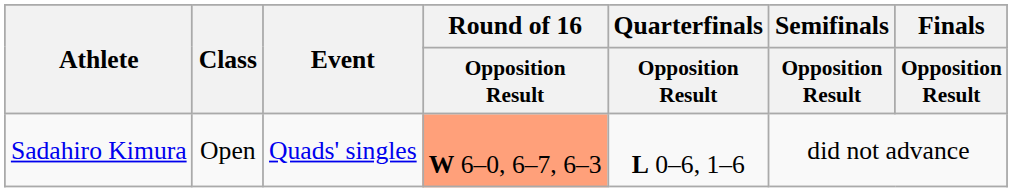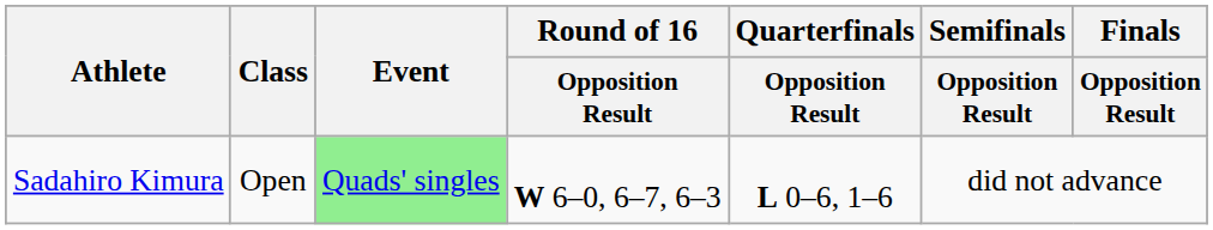 <table class=wikitable style="font-size:90%">
 <tr>
 <th rowspan="2">Athlete</th>
 <th rowspan="2">Class</th>
 <th rowspan="2">Event</th>
 <th>Round of 16</th>
 <th>Quarterfinals</th>
 <th>Semifinals</th>
 <th>Finals</th>
 </tr>
 <tr>
 <th style="line-height:1em"><small>Opposition<br>Result</small></th>
 <th style="line-height:1em"><small>Opposition<br>Result</small></th>
 <th style="line-height:1em"><small>Opposition<br>Result</small></th>
 <th style="line-height:1em"><small>Opposition<br>Result</small></th>
 </tr>
 <tr>
 <td><a href='#'>Sadahiro Kimura</a></td>
 <td style="text-align:center;">Open</td>
-<td><a href='#'>Quads' singles</a></td>
-<td style="background: lightsalmon; text-align:center;"><br><strong>W</strong> 6–0, 6–7, 6–3</td>
+<td style="background: lightgreen;"><a href='#'>Quads' singles</a></td>
+<td style="text-align:center;"><br><strong>W</strong> 6–0, 6–7, 6–3</td>
 <td style="text-align:center;"><br><strong>L</strong> 0–6, 1–6</td>
 <td style="text-align:center;" colspan="2">did not advance</td>
 </tr>
 </table>
